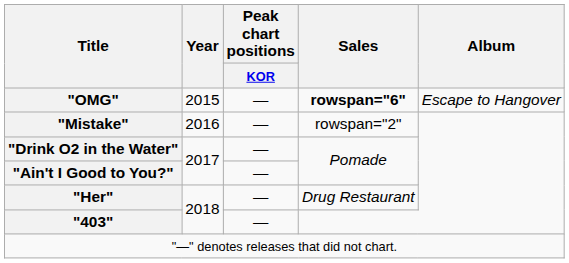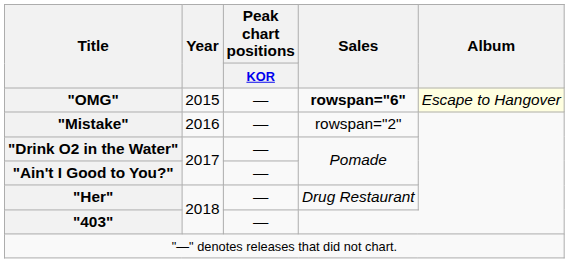 <table class="wikitable plainrowheaders" style="text-align:center;" border="1">
 <tr>
 <th scope="col" rowspan="2">Title</th>
 <th scope="col" rowspan="2">Year</th>
 <th scope="col" colspan="1">Peak<br>chart<br>positions</th>
 <th scope="col" rowspan="2">Sales</th>
 <th scope="col" rowspan="2">Album</th>
 </tr>
 <tr>
 <th><small><a href='#'>KOR</a></small><br></th>
 </tr>
 <tr>
 <th scope="row">"OMG"</th>
 <td>2015</td>
 <td>—</td>
 <td><strong>rowspan="6" </strong></td>
-<td><em>Escape to Hangover</em></td>
+<td style="background: lightyellow;"><em>Escape to Hangover</em></td>
 </tr>
 <tr>
 <th scope="row">"Mistake"</th>
 <td>2016</td>
 <td>—</td>
 <td>rowspan="2" </td>
 </tr>
 <tr>
 <th scope="row">"Drink O2 in the Water"</th>
 <td rowspan="2">2017</td>
 <td>—</td>
 <td rowspan="2"><em>Pomade</em></td>
 </tr>
 <tr>
 <th scope="row">"Ain't I Good to You?"</th>
 <td>—</td>
 </tr>
 <tr>
 <th scope="row">"Her"</th>
 <td rowspan="2">2018</td>
 <td>—</td>
 <td><em>Drug Restaurant</em></td>
 </tr>
 <tr>
 <th scope="row">"403"</th>
 <td>—</td>
 </tr>
 <tr>
 <td colspan="5" align="center"><small>"—" denotes releases that did not chart.</small></td>
 </tr>
 </table>
